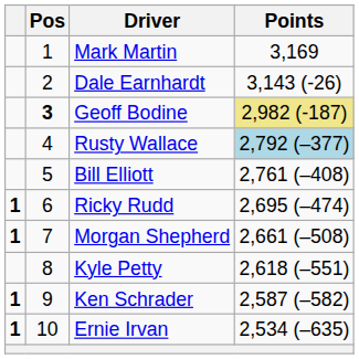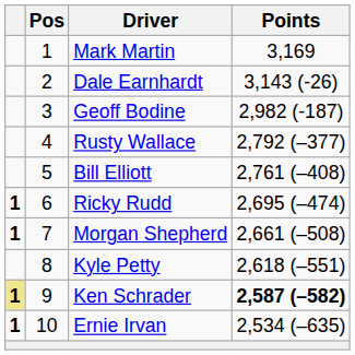 <table class="wikitable" style="font-size: 95%;">
 <tr>
 <th></th>
 <th>Pos</th>
 <th>Driver</th>
 <th>Points</th>
 </tr>
 <tr>
 <td align="left"></td>
 <td style="text-align:center;">1</td>
 <td><a href='#'>Mark Martin</a></td>
 <td style="text-align:center;">3,169</td>
 </tr>
 <tr>
 <td align="left"></td>
 <td style="text-align:center;">2</td>
 <td><a href='#'>Dale Earnhardt</a></td>
 <td style="text-align:center;">3,143 (-26)</td>
 </tr>
 <tr>
 <td align="left"></td>
-<td style="text-align:center;"><strong>3</strong></td>
+<td style="text-align:center;">3</td>
 <td><a href='#'>Geoff Bodine</a></td>
-<td style="background: khaki; text-align:center;">2,982 (-187)</td>
+<td style="text-align:center;">2,982 (-187)</td>
 </tr>
 <tr>
 <td align="left"></td>
 <td style="text-align:center;">4</td>
 <td><a href='#'>Rusty Wallace</a></td>
-<td style="background: lightblue; text-align:center;">2,792 (–377)</td>
+<td style="text-align:center;">2,792 (–377)</td>
 </tr>
 <tr>
 <td align="left"></td>
 <td style="text-align:center;">5</td>
 <td><a href='#'>Bill Elliott</a></td>
 <td style="text-align:center;">2,761 (–408)</td>
 </tr>
 <tr>
 <td align="left">  <strong>1</strong></td>
 <td style="text-align:center;">6</td>
 <td><a href='#'>Ricky Rudd</a></td>
 <td style="text-align:center;">2,695 (–474)</td>
 </tr>
 <tr>
 <td align="left">  <strong>1</strong></td>
 <td style="text-align:center;">7</td>
 <td><a href='#'>Morgan Shepherd</a></td>
 <td style="text-align:center;">2,661 (–508)</td>
 </tr>
 <tr>
 <td align="left"></td>
 <td style="text-align:center;">8</td>
 <td><a href='#'>Kyle Petty</a></td>
 <td style="text-align:center;">2,618 (–551)</td>
 </tr>
 <tr>
-<td align="left">  <strong>1</strong></td>
+<td align="left" style="background: khaki;">  <strong>1</strong></td>
 <td style="text-align:center;">9</td>
 <td><a href='#'>Ken Schrader</a></td>
-<td style="text-align:center;">2,587 (–582)</td>
+<td style="text-align:center;"><strong>2,587 (–582)</strong></td>
 </tr>
 <tr>
 <td align="left">  <strong>1</strong></td>
 <td style="text-align:center;">10</td>
 <td><a href='#'>Ernie Irvan</a></td>
 <td style="text-align:center;">2,534 (–635)</td>
 </tr>
 <tr class="sortbottom">
 <th colspan="9"></th>
 </tr>
 </table>
